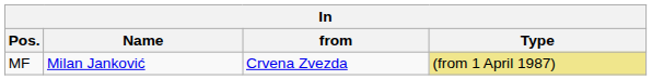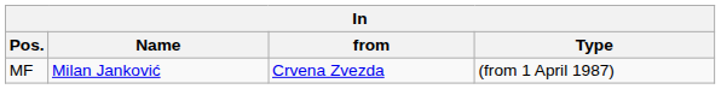 <table class="wikitable" style="font-size:90%;width:99%;">
 <tr>
 <th colspan="4">In</th>
 </tr>
 <tr>
 <th width=3%>Pos.</th>
 <th width=32%>Name</th>
 <th width=30%>from</th>
 <th width=35%>Type</th>
 </tr>
 <tr>
 <td>MF</td>
 <td><a href='#'>Milan Janković</a></td>
 <td><a href='#'>Crvena Zvezda</a></td>
-<td style="background: khaki;">(from 1 April 1987)</td>
+<td>(from 1 April 1987)</td>
 </tr>
 </table>
